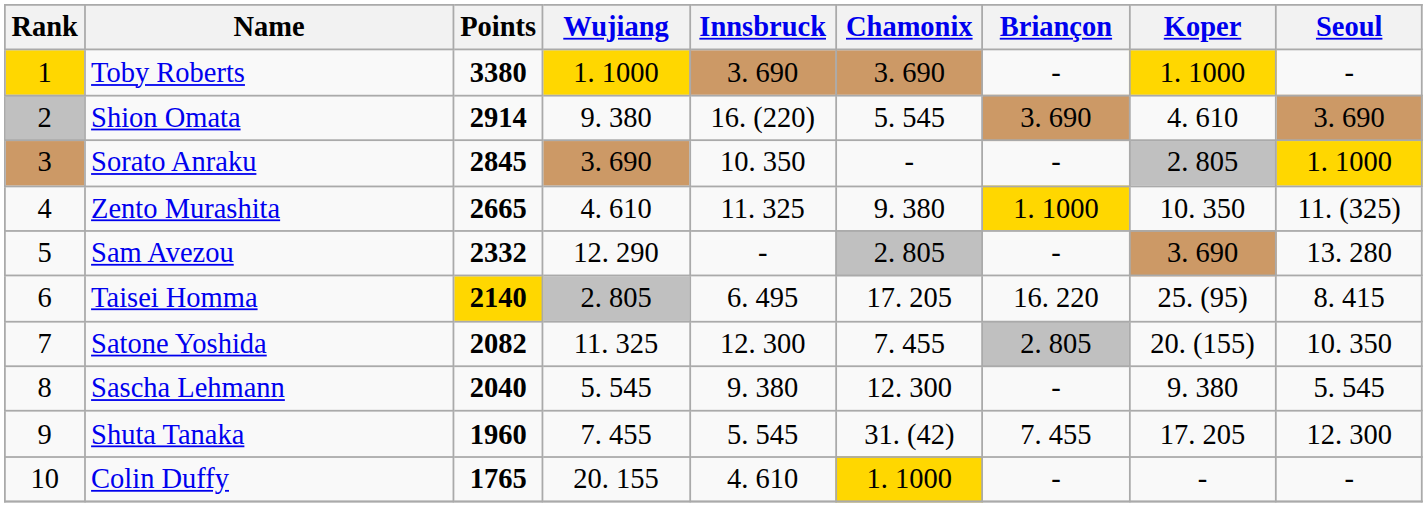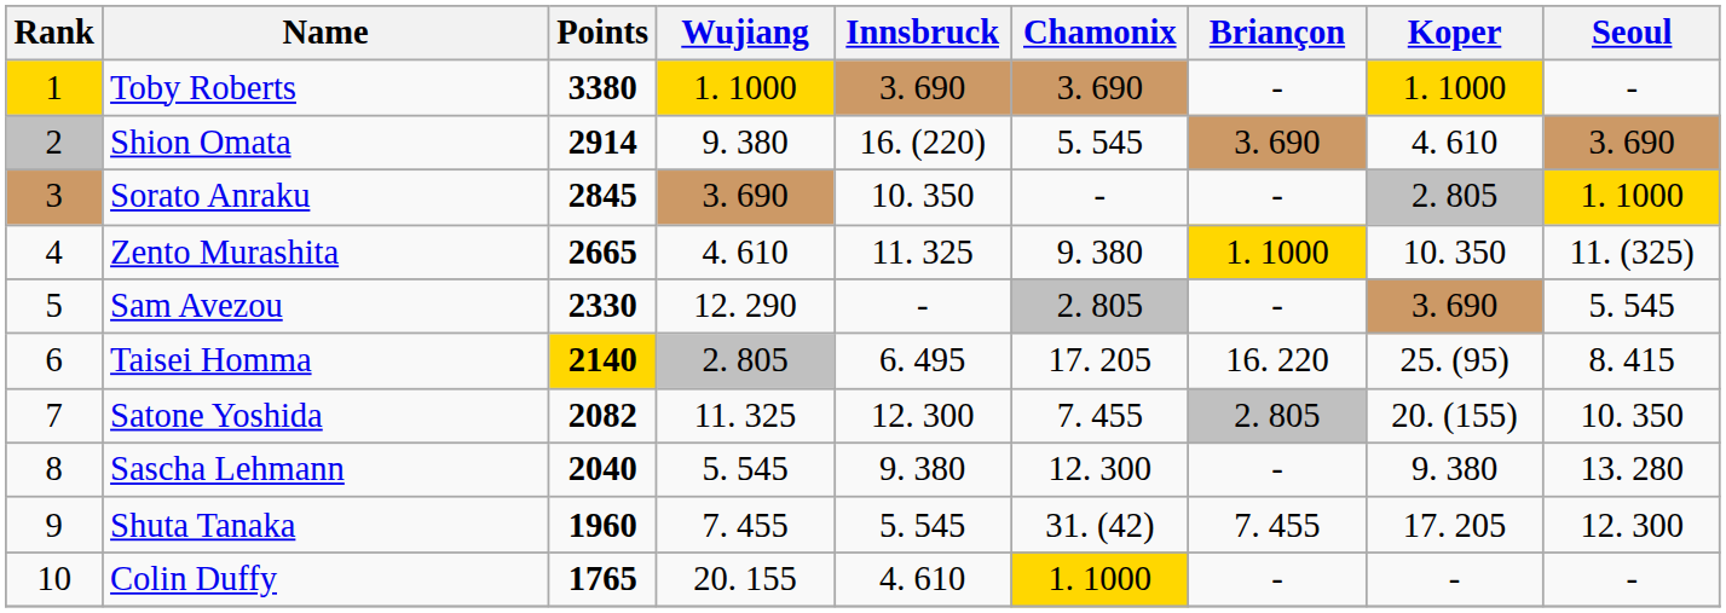 <table class="wikitable sortable">
 <tr>
 <th>Rank</th>
 <th width = "200">Name</th>
 <th>Points</th>
 <th width = "75" data-sort-type="number"><a href='#'>Wujiang</a></th>
 <th width = "75" data-sort-type="number"><a href='#'>Innsbruck</a></th>
 <th width = "75" data-sort-type="number"><a href='#'>Chamonix</a></th>
 <th width = "75" data-sort-type="number"><a href='#'>Briançon</a></th>
 <th width = "75" data-sort-type="number"><a href='#'>Koper</a></th>
 <th width = "75" data-sort-type="number"><a href='#'>Seoul</a></th>
 </tr>
 <tr>
 <td align="center" style="background: gold">1</td>
 <td> <a href='#'>Toby Roberts</a></td>
 <td align="center"><strong>3380</strong></td>
 <td align="center" style="background: gold">1. 1000</td>
 <td align="center" style="background: #cc9966">3. 690</td>
 <td align="center" style="background: #cc9966">3. 690</td>
 <td align="center">-</td>
 <td align="center" style="background: gold">1. 1000</td>
 <td align="center">-</td>
 </tr>
 <tr>
 <td align="center" style="background: silver">2</td>
 <td> <a href='#'>Shion Omata</a></td>
 <td align="center"><strong>2914</strong></td>
 <td align="center">9. 380</td>
 <td align="center">16. (220)</td>
 <td align="center">5. 545</td>
 <td align="center" style="background: #cc9966">3. 690</td>
 <td align="center">4. 610</td>
 <td align="center" style="background: #cc9966">3. 690</td>
 </tr>
 <tr>
 <td align="center" style="background: #cc9966">3</td>
 <td> <a href='#'>Sorato Anraku</a></td>
 <td align="center"><strong>2845</strong></td>
 <td align="center" style="background: #cc9966">3. 690</td>
 <td align="center">10. 350</td>
 <td align="center">-</td>
 <td align="center">-</td>
 <td align="center" style="background: silver">2. 805</td>
 <td align="center" style="background: gold">1. 1000</td>
 </tr>
 <tr>
 <td align="center">4</td>
 <td> <a href='#'>Zento Murashita</a></td>
 <td align="center"><strong>2665</strong></td>
 <td align="center">4. 610</td>
 <td align="center">11. 325</td>
 <td align="center">9. 380</td>
 <td align="center" style="background: gold">1. 1000</td>
 <td align="center">10. 350</td>
 <td align="center">11. (325)</td>
 </tr>
 <tr>
 <td align="center">5</td>
 <td> <a href='#'>Sam Avezou</a></td>
-<td align="center"><strong>2332</strong></td>
+<td align="center"><strong>2330</strong></td>
 <td align="center">12. 290</td>
 <td align="center">-</td>
 <td align="center" style="background: silver">2. 805</td>
 <td align="center">-</td>
 <td align="center" style="background: #cc9966">3. 690</td>
-<td align="center">13. 280</td>
+<td align="center">5. 545</td>
 </tr>
 <tr>
 <td align="center">6</td>
 <td> <a href='#'>Taisei Homma</a></td>
 <td align="center" style="background: gold;"><strong>2140</strong></td>
 <td align="center" style="background: silver">2. 805</td>
 <td align="center">6. 495</td>
 <td align="center">17. 205</td>
 <td align="center">16. 220</td>
 <td align="center">25. (95)</td>
 <td align="center">8. 415</td>
 </tr>
 <tr>
 <td align="center">7</td>
 <td> <a href='#'>Satone Yoshida</a></td>
 <td align="center"><strong>2082</strong></td>
 <td align="center">11. 325</td>
 <td align="center">12. 300</td>
 <td align="center">7. 455</td>
 <td align="center" style="background: silver">2. 805</td>
 <td align="center">20. (155)</td>
 <td align="center">10. 350</td>
 </tr>
 <tr>
 <td align="center">8</td>
 <td> <a href='#'>Sascha Lehmann</a></td>
 <td align="center"><strong>2040</strong></td>
 <td align="center">5. 545</td>
 <td align="center">9. 380</td>
 <td align="center">12. 300</td>
 <td align="center">-</td>
 <td align="center">9. 380</td>
-<td align="center">5. 545</td>
+<td align="center">13. 280</td>
 </tr>
 <tr>
 <td align="center">9</td>
 <td> <a href='#'>Shuta Tanaka</a></td>
 <td align="center"><strong>1960</strong></td>
 <td align="center">7. 455</td>
 <td align="center">5. 545</td>
 <td align="center">31. (42)</td>
 <td align="center">7. 455</td>
 <td align="center">17. 205</td>
 <td align="center">12. 300</td>
 </tr>
 <tr>
 <td align="center">10</td>
 <td> <a href='#'>Colin Duffy</a></td>
 <td align="center"><strong>1765</strong></td>
 <td align="center">20. 155</td>
 <td align="center">4. 610</td>
 <td align="center" style="background: gold">1. 1000</td>
 <td align="center">-</td>
 <td align="center">-</td>
 <td align="center">-</td>
 </tr>
 <tr>
 </tr>
 </table>
